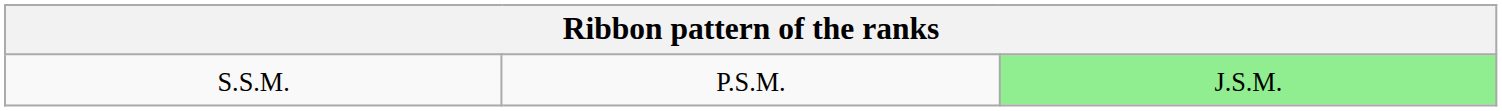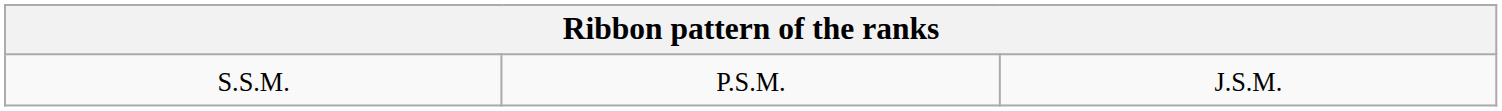 <table class=wikitable width=60%>
 <tr>
 <th Colspan=3>Ribbon pattern of the ranks</th>
 </tr>
 <tr>
 <td width=33% valign=top align=center><small>S.S.M.</small></td>
 <td width=33% valign=top align=center><small>P.S.M.</small></td>
-<td width=33% valign=top align=center style="background: lightgreen;"><small>J.S.M.</small></td>
+<td width=33% valign=top align=center><small>J.S.M.</small></td>
 </tr>
 </table>
